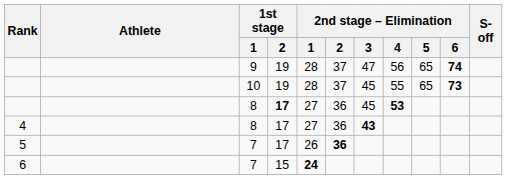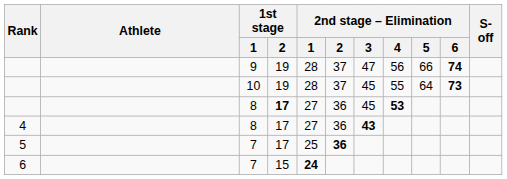 <table class="wikitable" style="text-align:center">
 <tr>
 <th rowspan=2 width=40>Rank</th>
 <th rowspan=2 width=250>Athlete</th>
 <th colspan=2>1st stage</th>
 <th colspan=6>2nd stage – Elimination</th>
 <th rowspan=2 width=35>S-off</th>
 </tr>
 <tr>
 <th width=30>1</th>
 <th width=30>2</th>
 <th width=30>1</th>
 <th width=30>2</th>
 <th width=30>3</th>
 <th width=30>4</th>
 <th width=30>5</th>
 <th width=30>6</th>
 </tr>
 <tr>
 <td></td>
 <td align=left></td>
 <td>9</td>
 <td>19</td>
 <td>28</td>
 <td>37</td>
 <td>47</td>
 <td>56</td>
-<td>65</td>
+<td>66</td>
 <td><strong>74</strong></td>
 <td></td>
 </tr>
 <tr>
 <td></td>
 <td align=left></td>
 <td>10</td>
 <td>19</td>
 <td>28</td>
 <td>37</td>
 <td>45</td>
 <td>55</td>
-<td>65</td>
+<td>64</td>
 <td><strong>73</strong></td>
 <td></td>
 </tr>
 <tr>
 <td></td>
 <td align=left></td>
 <td>8</td>
 <td><strong>17</strong></td>
 <td>27</td>
 <td>36</td>
 <td>45</td>
 <td><strong>53</strong></td>
 <td></td>
 <td></td>
 <td></td>
 </tr>
 <tr>
 <td>4</td>
 <td align=left></td>
 <td>8</td>
 <td>17</td>
 <td>27</td>
 <td>36</td>
 <td><strong>43</strong></td>
 <td></td>
 <td></td>
 <td></td>
 <td></td>
 </tr>
 <tr>
 <td>5</td>
 <td align=left></td>
 <td>7</td>
 <td>17</td>
-<td>26</td>
+<td>25</td>
 <td><strong>36</strong></td>
 <td></td>
 <td></td>
 <td></td>
 <td></td>
 <td></td>
 </tr>
 <tr>
 <td>6</td>
 <td align=left></td>
 <td>7</td>
 <td>15</td>
 <td><strong>24</strong></td>
 <td></td>
 <td></td>
 <td></td>
 <td></td>
 <td></td>
 <td></td>
 </tr>
 </table>
